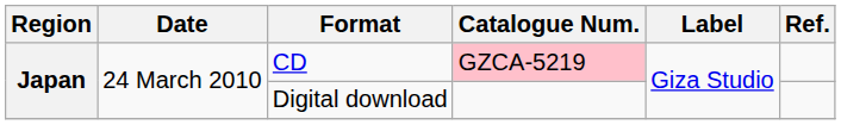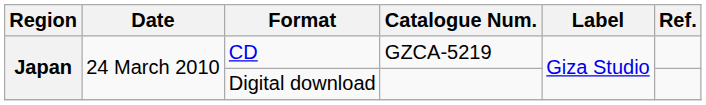 <table class="wikitable sortable plainrowheaders">
 <tr>
 <th scope="col">Region</th>
 <th scope="col">Date</th>
 <th scope="col">Format</th>
 <th scope="col">Catalogue Num.</th>
 <th scope="col">Label</th>
 <th scope="col">Ref.</th>
 </tr>
 <tr>
 <th scope="row" rowspan="2">Japan</th>
 <td rowspan="2">24 March 2010</td>
 <td><a href='#'>CD</a></td>
-<td style="background: pink;">GZCA-5219</td>
+<td>GZCA-5219</td>
 <td rowspan="2"><a href='#'>Giza Studio</a></td>
 <td></td>
 </tr>
 <tr>
 <td>Digital download</td>
 <td></td>
 <td></td>
 </tr>
 <tr>
 </tr>
 </table>
